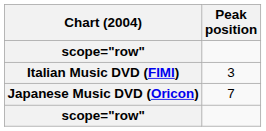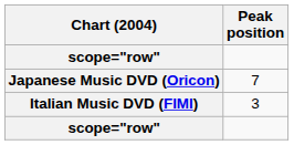 <table class="wikitable sortable plainrowheaders" style="text-align:center;">
 <tr>
 <th scope="col">Chart (2004)</th>
 <th scope="col">Peak<br>position</th>
 </tr>
 <tr>
 <th>scope="row"</th>
 </tr>
 <tr>
+<th scope="row">Japanese Music DVD (<a href='#'>Oricon</a>)</th>
+<td>7</td>
+</tr>
+<tr>
 <th scope="row">Italian Music DVD (<a href='#'>FIMI</a>)</th>
 <td>3</td>
-</tr>
-<tr>
-<th scope="row">Japanese Music DVD (<a href='#'>Oricon</a>)</th>
-<td>7</td>
 </tr>
 <tr>
 <th>scope="row"</th>
 </tr>
 </table>
